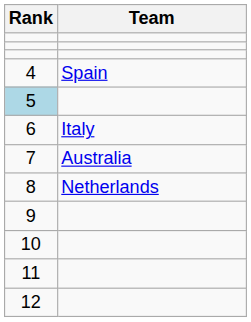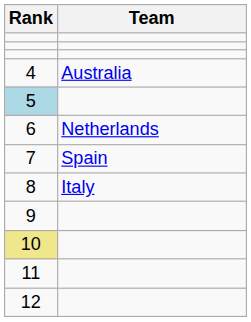 <table class="wikitable">
 <tr>
 <th>Rank</th>
 <th width=160>Team</th>
 </tr>
 <tr>
 <td align=center></td>
 <td></td>
 </tr>
 <tr>
 <td align=center></td>
 <td></td>
 </tr>
 <tr>
 <td align=center></td>
 <td></td>
 </tr>
 <tr>
 <td align=center>4</td>
-<td> <a href='#'>Spain</a></td>
+<td> <a href='#'>Australia</a></td>
 </tr>
 <tr>
 <td align=center style="background: lightblue;">5</td>
 <td></td>
 </tr>
 <tr>
 <td align=center>6</td>
-<td> <a href='#'>Italy</a></td>
+<td> <a href='#'>Netherlands</a></td>
 </tr>
 <tr>
 <td align=center>7</td>
-<td> <a href='#'>Australia</a></td>
+<td> <a href='#'>Spain</a></td>
 </tr>
 <tr>
 <td align=center>8</td>
-<td> <a href='#'>Netherlands</a></td>
+<td> <a href='#'>Italy</a></td>
 </tr>
 <tr>
 <td align=center>9</td>
 <td></td>
 </tr>
 <tr>
-<td align=center>10</td>
+<td align=center style="background: khaki;">10</td>
 <td></td>
 </tr>
 <tr>
 <td align=center>11</td>
 <td></td>
 </tr>
 <tr>
 <td align=center>12</td>
 <td></td>
 </tr>
 </table>
